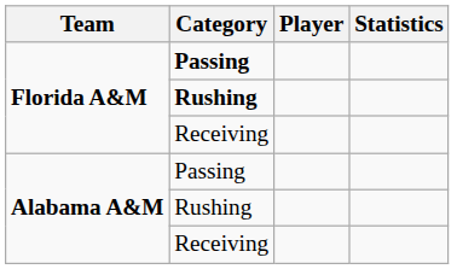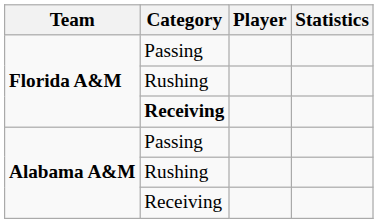 <table class="wikitable" style="float: left;">
 <tr>
 <th>Team</th>
 <th>Category</th>
 <th>Player</th>
 <th>Statistics</th>
 </tr>
 <tr>
 <td rowspan=3><strong>Florida A&M</strong></td>
-<td><strong>Passing</strong></td>
+<td>Passing</td>
 <td> </td>
 <td> </td>
 </tr>
 <tr>
-<td><strong>Rushing</strong></td>
+<td>Rushing</td>
 <td> </td>
 <td> </td>
 </tr>
 <tr>
-<td>Receiving</td>
+<td><strong>Receiving</strong></td>
 <td> </td>
 <td> </td>
 </tr>
 <tr>
 <td rowspan=3><strong>Alabama A&M</strong></td>
 <td>Passing</td>
 <td> </td>
 <td> </td>
 </tr>
 <tr>
 <td>Rushing</td>
 <td> </td>
 <td> </td>
 </tr>
 <tr>
 <td>Receiving</td>
 <td> </td>
 <td> </td>
 </tr>
 </table>
